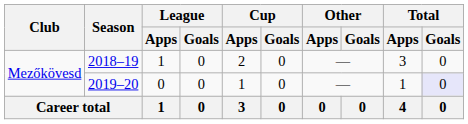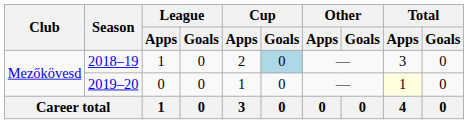 <table class="wikitable" style="text-align: center;">
 <tr>
 <th rowspan="2">Club</th>
 <th rowspan="2">Season</th>
 <th colspan="2">League</th>
 <th colspan="2">Cup</th>
 <th colspan="2">Other</th>
 <th colspan="2">Total</th>
 </tr>
 <tr>
 <th>Apps</th>
 <th>Goals</th>
 <th>Apps</th>
 <th>Goals</th>
 <th>Apps</th>
 <th>Goals</th>
 <th>Apps</th>
 <th>Goals</th>
 </tr>
 <tr>
 <td rowspan="2"><a href='#'>Mezőkövesd</a></td>
 <td><a href='#'>2018–19</a></td>
 <td>1</td>
 <td>0</td>
 <td>2</td>
-<td>0</td>
+<td style="background: lightblue;">0</td>
 <td colspan="2">—</td>
 <td>3</td>
 <td>0</td>
 </tr>
 <tr>
 <td><a href='#'>2019–20</a></td>
 <td>0</td>
 <td>0</td>
 <td>1</td>
 <td>0</td>
 <td colspan="2">—</td>
-<td>1</td>
-<td style="background: lavender;">0</td>
+<td style="background: lightyellow;">1</td>
+<td>0</td>
 </tr>
 <tr style="font-weight:bold; background-color:#eeeeee;">
 <th colspan="2">Career total</th>
 <th>1</th>
 <th>0</th>
 <th>3</th>
 <th>0</th>
 <th>0</th>
 <th>0</th>
 <th>4</th>
 <th>0</th>
 </tr>
 </table>
